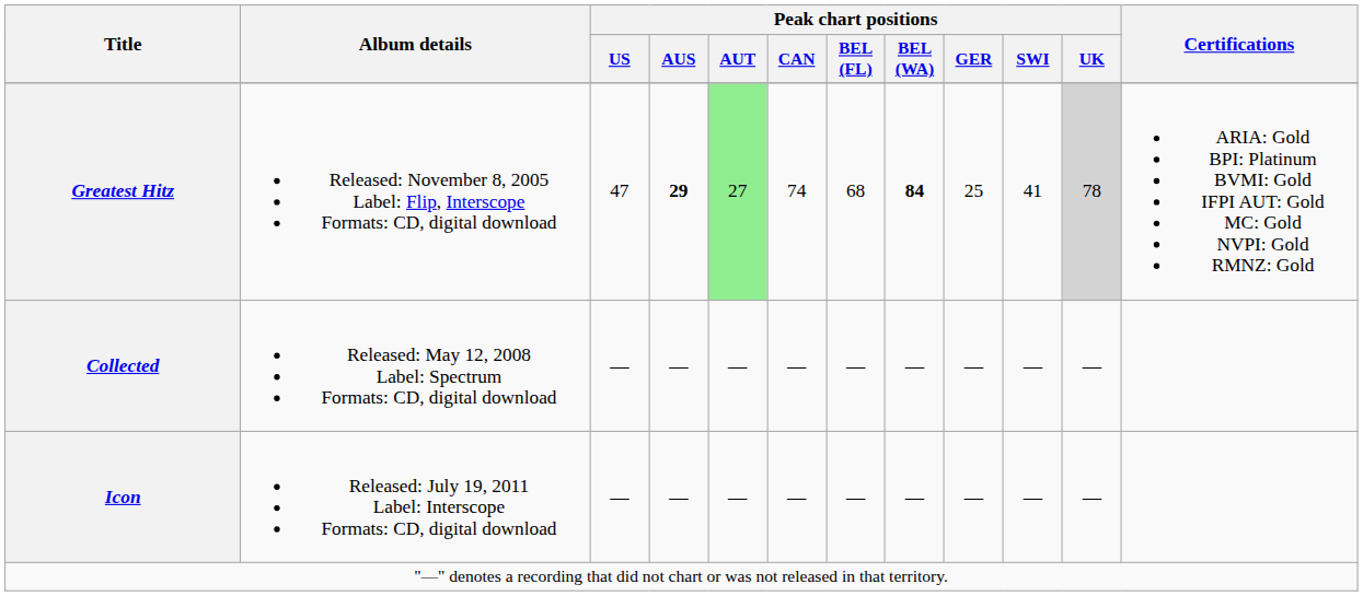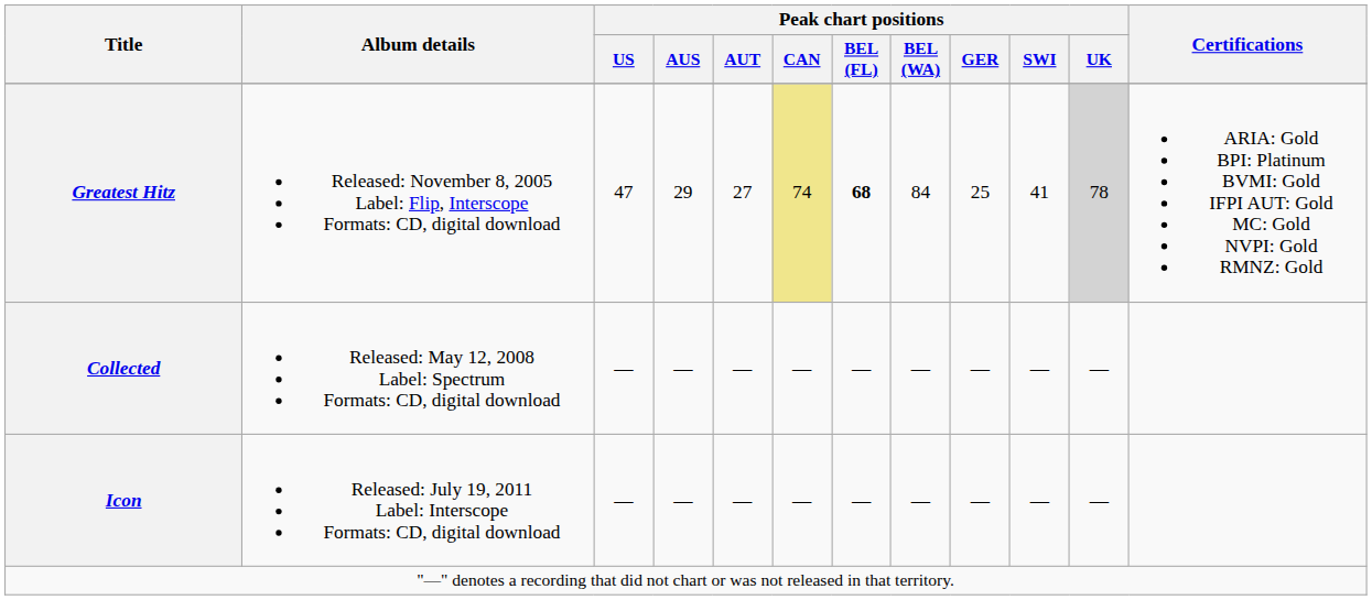 <table class="wikitable plainrowheaders" style="text-align:center;">
 <tr>
 <th scope="col" rowspan="2" style="width:12em;">Title</th>
 <th scope="col" rowspan="2" style="width:18em;">Album details</th>
 <th scope="col" colspan="9">Peak chart positions</th>
 <th scope="col" rowspan="2" style="width:12em;"><a href='#'>Certifications</a></th>
 </tr>
 <tr>
 <th scope="col" style="width:3em;font-size:90%;"><a href='#'>US</a><br></th>
 <th scope="col" style="width:3em;font-size:90%;"><a href='#'>AUS</a><br></th>
 <th scope="col" style="width:3em;font-size:90%;"><a href='#'>AUT</a><br></th>
 <th scope="col" style="width:3em;font-size:90%;"><a href='#'>CAN</a><br></th>
 <th scope="col" style="width:3em;font-size:90%;"><a href='#'>BEL<br>(FL)</a><br></th>
 <th scope="col" style="width:3em;font-size:90%;"><a href='#'>BEL<br>(WA)</a><br></th>
 <th scope="col" style="width:3em;font-size:90%;"><a href='#'>GER</a><br></th>
 <th scope="col" style="width:3em;font-size:90%;"><a href='#'>SWI</a><br></th>
 <th scope="col" style="width:3em;font-size:90%;"><a href='#'>UK</a><br></th>
 </tr>
 <tr>
 </tr>
 <tr>
 <th scope="row"><em><a href='#'>Greatest Hitz</a></em></th>
 <td><br><ul><li>Released: November 8, 2005</li><li>Label: <a href='#'>Flip</a>, <a href='#'>Interscope</a></li><li>Formats: CD, digital download</li></ul></td>
 <td>47</td>
-<td><strong>29</strong></td>
-<td style="background: lightgreen;">27</td>
-<td>74</td>
-<td>68</td>
-<td><strong>84</strong></td>
+<td>29</td>
+<td>27</td>
+<td style="background: khaki;">74</td>
+<td><strong>68</strong></td>
+<td>84</td>
 <td>25</td>
 <td>41</td>
 <td style="background: lightgrey;">78</td>
 <td><br><ul><li>ARIA: Gold</li><li>BPI: Platinum</li><li>BVMI: Gold</li><li>IFPI AUT: Gold</li><li>MC: Gold</li><li>NVPI: Gold</li><li>RMNZ: Gold</li></ul></td>
 </tr>
 <tr>
 <th scope="row"><em><a href='#'>Collected</a></em></th>
 <td><br><ul><li>Released: May 12, 2008</li><li>Label: Spectrum</li><li>Formats: CD, digital download</li></ul></td>
 <td>—</td>
 <td>—</td>
 <td>—</td>
 <td>—</td>
 <td>—</td>
 <td>—</td>
 <td>—</td>
 <td>—</td>
 <td>—</td>
 <td></td>
 </tr>
 <tr>
 <th scope="row"><em><a href='#'>Icon</a></em></th>
 <td><br><ul><li>Released: July 19, 2011</li><li>Label: Interscope</li><li>Formats: CD, digital download</li></ul></td>
 <td>—</td>
 <td>—</td>
 <td>—</td>
 <td>—</td>
 <td>—</td>
 <td>—</td>
 <td>—</td>
 <td>—</td>
 <td>—</td>
 <td></td>
 </tr>
 <tr>
 <td colspan="13" style="font-size:90%">"—" denotes a recording that did not chart or was not released in that territory.</td>
 </tr>
 </table>
